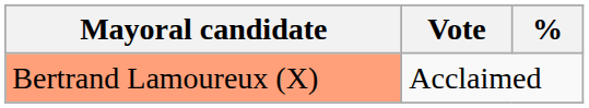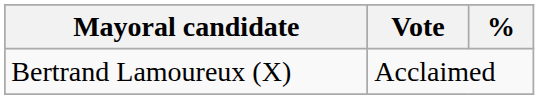 <table class="wikitable">
 <tr>
 <th bgcolor="#DDDDFF" width="200px">Mayoral candidate</th>
 <th bgcolor="#DDDDFF" width="50px">Vote</th>
 <th bgcolor="#DDDDFF"  width="30px">%</th>
 </tr>
 <tr>
-<td style="background: lightsalmon;">Bertrand Lamoureux (X)</td>
+<td>Bertrand Lamoureux (X)</td>
 <td colspan="2">Acclaimed</td>
 </tr>
 </table>
